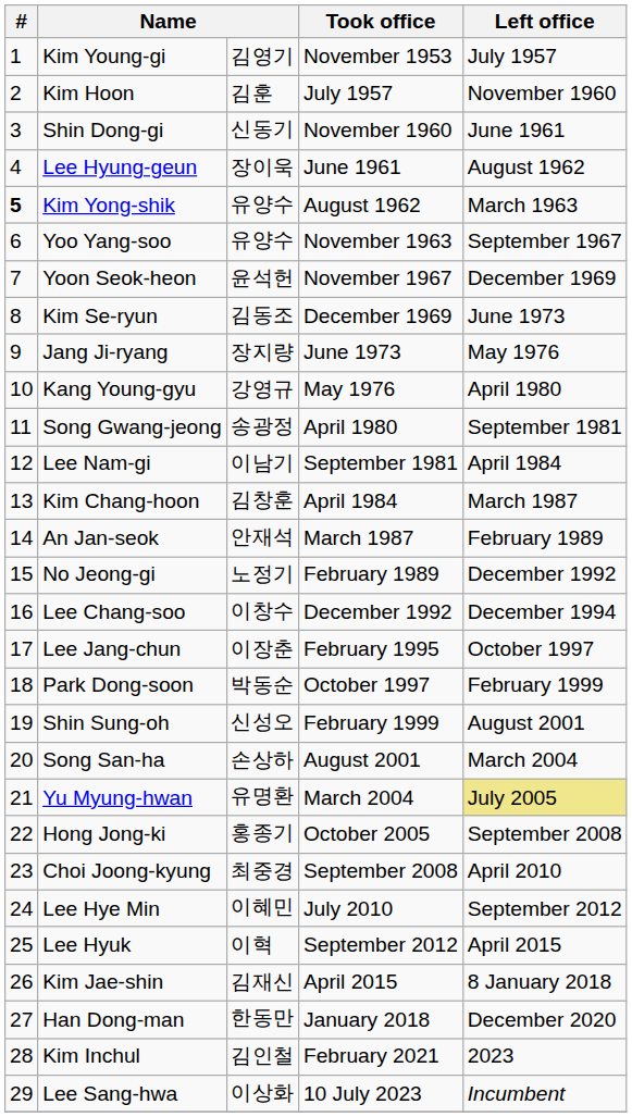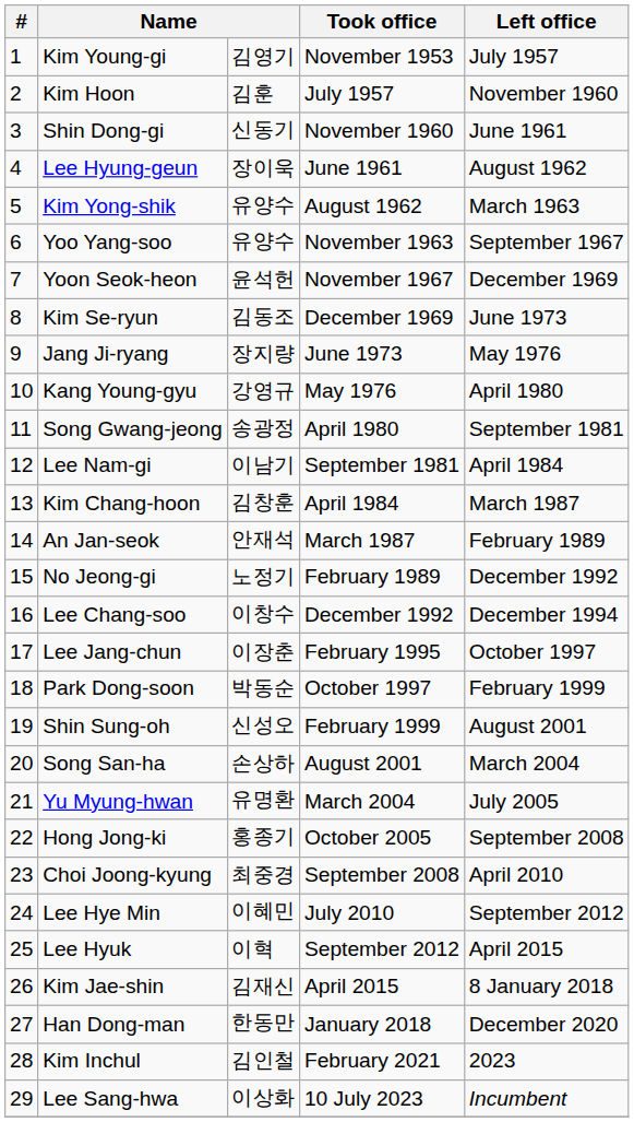 <table class="wikitable sortable">
 <tr>
 <th>#</th>
 <th colspan=2>Name</th>
 <th>Took office</th>
 <th>Left office</th>
 </tr>
 <tr>
 <td>1</td>
 <td>Kim Young-gi</td>
 <td>김영기</td>
 <td>November 1953</td>
 <td>July 1957</td>
 </tr>
 <tr>
 <td>2</td>
 <td>Kim Hoon</td>
 <td>김훈</td>
 <td>July 1957</td>
 <td>November 1960</td>
 </tr>
 <tr>
 <td>3</td>
 <td>Shin Dong-gi</td>
 <td>신동기</td>
 <td>November 1960</td>
 <td>June 1961</td>
 </tr>
 <tr>
 <td>4</td>
 <td><a href='#'>Lee Hyung-geun</a></td>
 <td>장이욱</td>
 <td>June 1961</td>
 <td>August 1962</td>
 </tr>
 <tr>
-<td><strong>5</strong></td>
+<td>5</td>
 <td><a href='#'>Kim Yong-shik</a></td>
 <td>유양수</td>
 <td>August 1962</td>
 <td>March 1963</td>
 </tr>
 <tr>
 <td>6</td>
 <td>Yoo Yang-soo</td>
 <td>유양수</td>
 <td>November 1963</td>
 <td>September 1967</td>
 </tr>
 <tr>
 <td>7</td>
 <td>Yoon Seok-heon</td>
 <td>윤석헌</td>
 <td>November 1967</td>
 <td>December 1969</td>
 </tr>
 <tr>
 <td>8</td>
 <td>Kim Se-ryun</td>
 <td>김동조</td>
 <td>December 1969</td>
 <td>June 1973</td>
 </tr>
 <tr>
 <td>9</td>
 <td>Jang Ji-ryang</td>
 <td>장지량</td>
 <td>June 1973</td>
 <td>May 1976</td>
 </tr>
 <tr>
 <td>10</td>
 <td>Kang Young-gyu</td>
 <td>강영규</td>
 <td>May 1976</td>
 <td>April 1980</td>
 </tr>
 <tr>
 <td>11</td>
 <td>Song Gwang-jeong</td>
 <td>송광정</td>
 <td>April 1980</td>
 <td>September 1981</td>
 </tr>
 <tr>
 <td>12</td>
 <td>Lee Nam-gi</td>
 <td>이남기</td>
 <td>September 1981</td>
 <td>April 1984</td>
 </tr>
 <tr>
 <td>13</td>
 <td>Kim Chang-hoon</td>
 <td>김창훈</td>
 <td>April 1984</td>
 <td>March 1987</td>
 </tr>
 <tr>
 <td>14</td>
 <td>An Jan-seok</td>
 <td>안재석</td>
 <td>March 1987</td>
 <td>February 1989</td>
 </tr>
 <tr>
 <td>15</td>
 <td>No Jeong-gi</td>
 <td>노정기</td>
 <td>February 1989</td>
 <td>December 1992</td>
 </tr>
 <tr>
 <td>16</td>
 <td>Lee Chang-soo</td>
 <td>이창수</td>
 <td>December 1992</td>
 <td>December 1994</td>
 </tr>
 <tr>
 <td>17</td>
 <td>Lee Jang-chun</td>
 <td>이장춘</td>
 <td>February 1995</td>
 <td>October 1997</td>
 </tr>
 <tr>
 <td>18</td>
 <td>Park Dong-soon</td>
 <td>박동순</td>
 <td>October 1997</td>
 <td>February 1999</td>
 </tr>
 <tr>
 <td>19</td>
 <td>Shin Sung-oh</td>
 <td>신성오</td>
 <td>February 1999</td>
 <td>August 2001</td>
 </tr>
 <tr>
 <td>20</td>
 <td>Song San-ha</td>
 <td>손상하</td>
 <td>August 2001</td>
 <td>March 2004</td>
 </tr>
 <tr>
 <td>21</td>
 <td><a href='#'>Yu Myung-hwan</a></td>
 <td>유명환</td>
 <td>March 2004</td>
-<td style="background: khaki;">July 2005</td>
+<td>July 2005</td>
 </tr>
 <tr>
 <td>22</td>
 <td>Hong Jong-ki</td>
 <td>홍종기</td>
 <td>October 2005</td>
 <td>September 2008</td>
 </tr>
 <tr>
 <td>23</td>
 <td>Choi Joong-kyung</td>
 <td>최중경</td>
 <td>September 2008</td>
 <td>April 2010</td>
 </tr>
 <tr>
 <td>24</td>
 <td>Lee Hye Min</td>
 <td>이혜민</td>
 <td>July 2010</td>
 <td>September 2012</td>
 </tr>
 <tr>
 <td>25</td>
 <td>Lee Hyuk</td>
 <td>이혁</td>
 <td>September 2012</td>
 <td>April 2015</td>
 </tr>
 <tr>
 <td>26</td>
 <td>Kim Jae-shin</td>
 <td>김재신</td>
 <td>April 2015</td>
 <td>8 January 2018</td>
 </tr>
 <tr>
 <td>27</td>
 <td>Han Dong-man</td>
 <td>한동만</td>
 <td>January 2018</td>
 <td>December 2020</td>
 </tr>
 <tr>
 <td>28</td>
 <td>Kim Inchul</td>
 <td>김인철</td>
 <td>February 2021</td>
 <td>2023</td>
 </tr>
 <tr>
 <td>29</td>
 <td>Lee Sang-hwa</td>
 <td>이상화</td>
 <td>10 July 2023</td>
 <td><em>Incumbent</em></td>
 </tr>
 <tr>
 </tr>
 </table>
